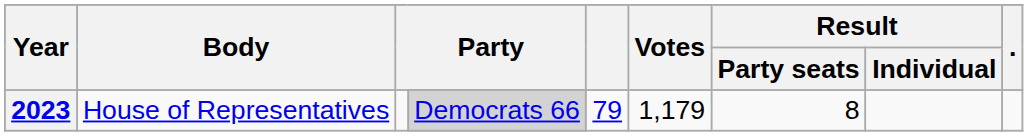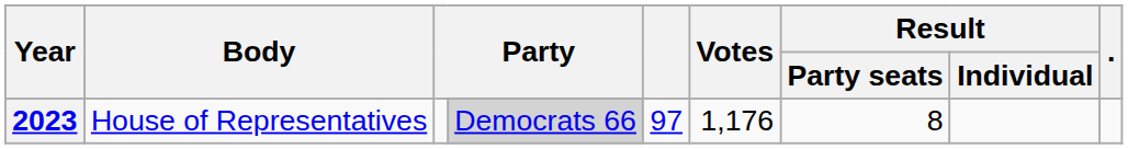 <table class="wikitable plainrowheaders sortable" border=2 cellpadding=4 cellspacing=0 style="border: 1px #aaa solid; font-size: 90%; text-align:center;">
 <tr>
 <th scope="col" rowspan=2>Year</th>
 <th scope="col" rowspan=2>Body</th>
 <th scope="col" colspan=2 rowspan=2>Party</th>
 <th scope="col" rowspan=2></th>
 <th scope="col" rowspan=2>Votes</th>
 <th scope="colgroup" colspan=2>Result</th>
 <th scope="col" rowspan=2 class="unsortable">.</th>
 </tr>
 <tr>
 <th scope="col">Party seats</th>
 <th scope="col">Individual</th>
 </tr>
 <tr>
 <th scope="row"><a href='#'>2023</a></th>
 <td><a href='#'>House of Representatives</a></td>
 <td style="background-color:"></td>
 <td style="background: lightgrey;"><a href='#'>Democrats 66</a></td>
-<td style=text-align:right><a href='#'>79</a></td>
-<td style=text-align:right>1,179</td>
+<td style=text-align:right><a href='#'>97</a></td>
+<td style=text-align:right>1,176</td>
 <td style=text-align:right>8</td>
 <td></td>
 <td></td>
 </tr>
 </table>
